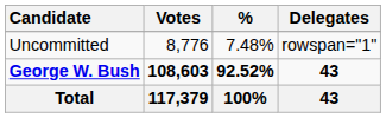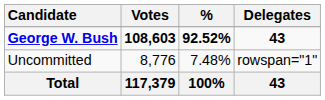 <table class="wikitable sortable plainrowheaders" style="text-align:right;">
 <tr>
 <th style="text-align:left;">Candidate</th>
 <th>Votes</th>
 <th>%</th>
 <th>Delegates</th>
 </tr>
 <tr>
 </tr>
 <tr>
+<td style="text-align:left;"><strong><a href='#'>George W. Bush</a></strong></td>
+<td><strong>108,603</strong></td>
+<td><strong>92.52%</strong></td>
+<td style="text-align:center;"><strong>43</strong></td>
+</tr>
+<tr>
 <td style="text-align:left;">Uncommitted</td>
 <td>8,776</td>
 <td>7.48%</td>
 <td>rowspan="1" </td>
-</tr>
-<tr>
-<td style="text-align:left;"><strong><a href='#'>George W. Bush</a></strong></td>
-<td><strong>108,603</strong></td>
-<td><strong>92.52%</strong></td>
-<td style="text-align:center;"><strong>43</strong></td>
 </tr>
 <tr class="sortbottom">
 <th>Total</th>
 <th><strong>117,379</strong></th>
 <th>100%</th>
 <th>43</th>
 </tr>
 </table>
